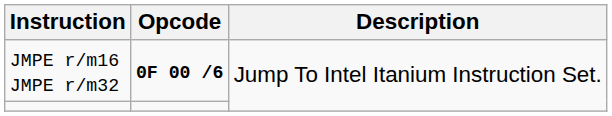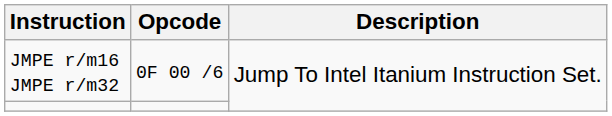 <table class="wikitable">
 <tr>
 <th>Instruction</th>
 <th>Opcode</th>
 <th>Description</th>
 </tr>
 <tr>
 <td><code>JMPE r/m16</code><br><code>JMPE r/m32</code></td>
-<td><strong><code>0F 00 /6</code></strong></td>
+<td><code>0F 00 /6</code></td>
 <td rowspan="2">Jump To Intel Itanium Instruction Set.</td>
 </tr>
 <tr>
 <td></td>
 <td></td>
 </tr>
 </table>
